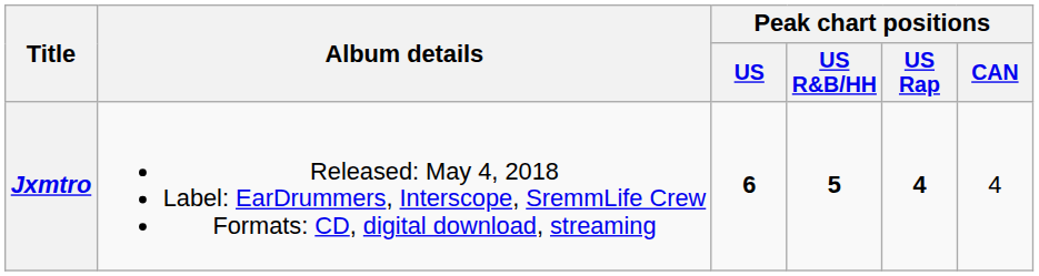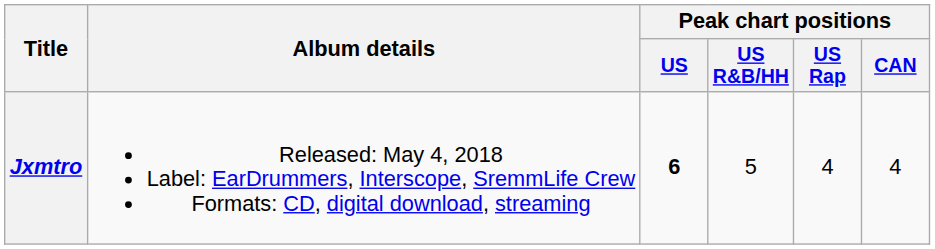 <table class="wikitable plainrowheaders" style="text-align:center;">
 <tr>
 <th rowspan="2">Title</th>
 <th rowspan="2">Album details</th>
 <th colspan="4">Peak chart positions</th>
 </tr>
 <tr>
 <th scope="col" style="width:3em;font-size:90%;"><a href='#'>US</a><br></th>
 <th scope="col" style="width:3em;font-size:90%;"><a href='#'>US<br>R&B/HH</a><br></th>
 <th scope="col" style="width:3em;font-size:90%;"><a href='#'>US<br>Rap</a><br></th>
 <th scope="col" style="width:3em;font-size:90%;"><a href='#'>CAN</a><br></th>
 </tr>
 <tr>
 <th scope="row"><em><a href='#'>Jxmtro</a></em><br></th>
 <td><br><ul><li>Released: May 4, 2018</li><li>Label: <a href='#'>EarDrummers</a>, <a href='#'>Interscope</a>, <a href='#'>SremmLife Crew</a></li><li>Formats: <a href='#'>CD</a>, <a href='#'>digital download</a>, <a href='#'>streaming</a></li></ul></td>
 <td><strong>6</strong></td>
-<td><strong>5</strong></td>
-<td><strong>4</strong></td>
+<td>5</td>
+<td>4</td>
 <td>4</td>
 </tr>
 </table>
